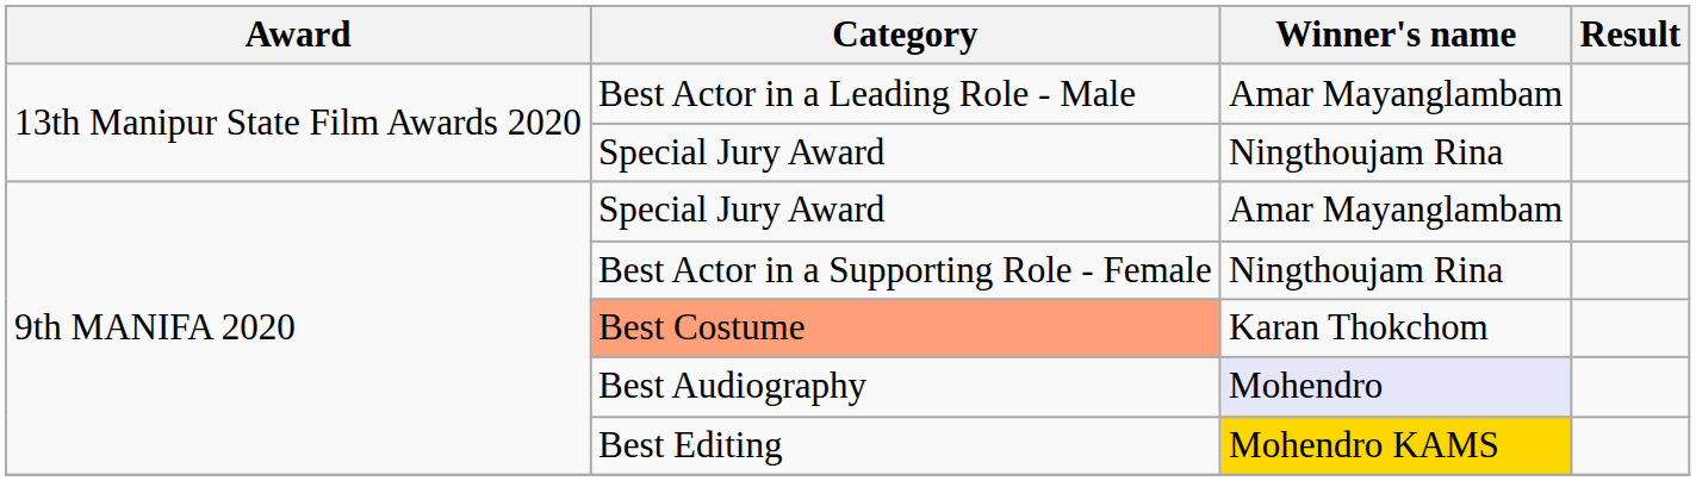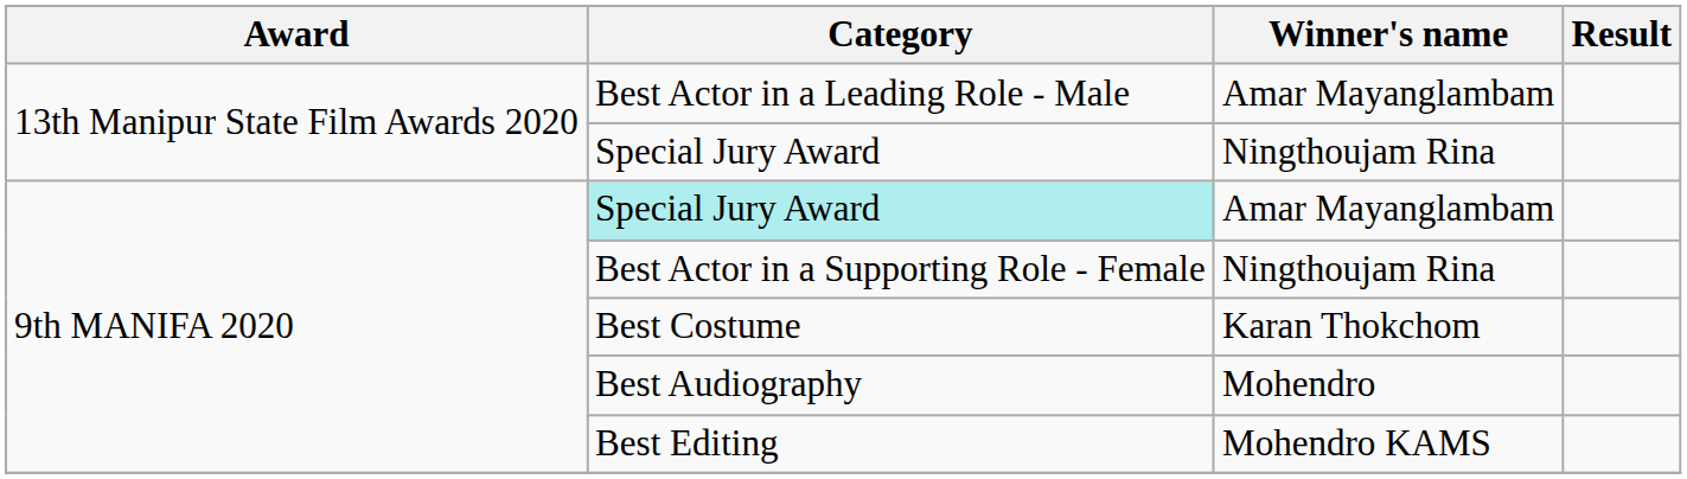 <table class="wikitable sortable">
 <tr>
 <th>Award</th>
 <th>Category</th>
 <th>Winner's name</th>
 <th>Result</th>
 </tr>
 <tr>
 <td rowspan="2">13th Manipur State Film Awards 2020</td>
 <td>Best Actor in a Leading Role - Male</td>
 <td>Amar Mayanglambam</td>
 <td></td>
 </tr>
 <tr>
 <td>Special Jury Award</td>
 <td>Ningthoujam Rina</td>
 <td></td>
 </tr>
 <tr>
 <td rowspan="5">9th MANIFA 2020</td>
-<td>Special Jury Award</td>
+<td style="background: paleturquoise;">Special Jury Award</td>
 <td>Amar Mayanglambam</td>
 <td></td>
 </tr>
 <tr>
 <td>Best Actor in a Supporting Role - Female</td>
 <td>Ningthoujam Rina</td>
 <td></td>
 </tr>
 <tr>
-<td style="background: lightsalmon;">Best Costume</td>
+<td>Best Costume</td>
 <td>Karan Thokchom</td>
 <td></td>
 </tr>
 <tr>
 <td>Best Audiography</td>
-<td style="background: lavender;">Mohendro</td>
+<td>Mohendro</td>
 <td></td>
 </tr>
 <tr>
 <td>Best Editing</td>
-<td style="background: gold;">Mohendro KAMS</td>
+<td>Mohendro KAMS</td>
 <td></td>
 </tr>
 <tr>
 </tr>
 </table>
